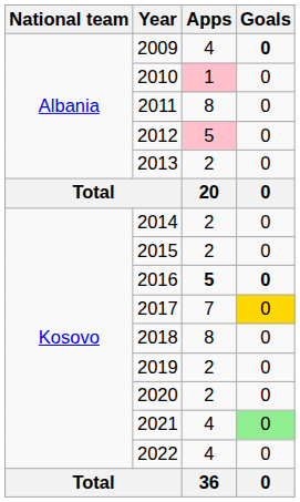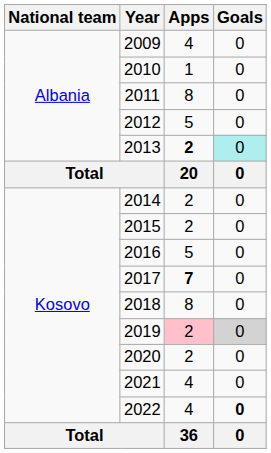 <table class="wikitable" style="text-align:center">
 <tr>
 <th>National team</th>
 <th>Year</th>
 <th>Apps</th>
 <th>Goals</th>
 </tr>
 <tr>
 <td rowspan="5"><a href='#'>Albania</a></td>
 <td>2009</td>
 <td>4</td>
-<td><strong>0</strong></td>
+<td>0</td>
 </tr>
 <tr>
 <td>2010</td>
-<td style="background: pink;">1</td>
+<td>1</td>
 <td>0</td>
 </tr>
 <tr>
 <td>2011</td>
 <td>8</td>
 <td>0</td>
 </tr>
 <tr>
 <td>2012</td>
-<td style="background: pink;">5</td>
+<td>5</td>
 <td>0</td>
 </tr>
 <tr>
 <td>2013</td>
-<td>2</td>
-<td>0</td>
+<td><strong>2</strong></td>
+<td style="background: paleturquoise;">0</td>
 </tr>
 <tr>
 <th colspan="2">Total</th>
 <th>20</th>
 <th>0</th>
 </tr>
 <tr>
 <td rowspan="9"><a href='#'>Kosovo</a></td>
 <td>2014</td>
 <td>2</td>
 <td>0</td>
 </tr>
 <tr>
 <td>2015</td>
 <td>2</td>
 <td>0</td>
 </tr>
 <tr>
 <td>2016</td>
-<td><strong>5</strong></td>
-<td><strong>0</strong></td>
+<td>5</td>
+<td>0</td>
 </tr>
 <tr>
 <td>2017</td>
-<td>7</td>
-<td style="background: gold;">0</td>
+<td><strong>7</strong></td>
+<td>0</td>
 </tr>
 <tr>
 <td>2018</td>
 <td>8</td>
 <td>0</td>
 </tr>
 <tr>
 <td>2019</td>
-<td>2</td>
-<td>0</td>
+<td style="background: pink;">2</td>
+<td style="background: lightgrey;">0</td>
 </tr>
 <tr>
 <td>2020</td>
 <td>2</td>
 <td>0</td>
 </tr>
 <tr>
 <td>2021</td>
 <td>4</td>
-<td style="background: lightgreen;">0</td>
+<td>0</td>
 </tr>
 <tr>
 <td>2022</td>
 <td>4</td>
-<td>0</td>
+<td><strong>0</strong></td>
 </tr>
 <tr>
 <th colspan="2">Total</th>
 <th>36</th>
 <th>0</th>
 </tr>
 </table>
